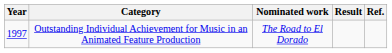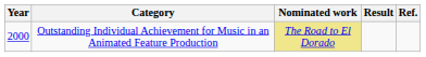 <table class="wikitable plainrowheaders" style="text-align:center;">
 <tr>
 <th>Year</th>
 <th>Category</th>
 <th>Nominated work</th>
 <th>Result</th>
 <th>Ref.</th>
 </tr>
 <tr>
-<td><a href='#'>1997</a></td>
+<td><a href='#'>2000</a></td>
 <td><a href='#'>Outstanding Individual Achievement for Music in an Animated Feature Production</a></td>
-<td><em><a href='#'>The Road to El Dorado</a></em></td>
+<td style="background: khaki;"><em><a href='#'>The Road to El Dorado</a></em></td>
 <td></td>
 <td></td>
 </tr>
 </table>
